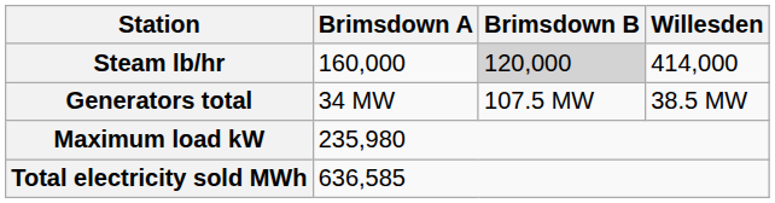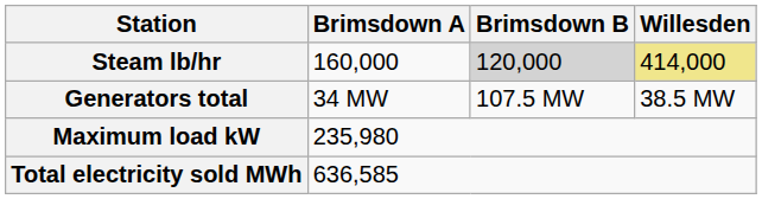 <table class="wikitable">
 <tr>
 <th>Station</th>
 <th>Brimsdown A</th>
 <th>Brimsdown B</th>
 <th>Willesden</th>
 </tr>
 <tr>
 <th>Steam lb/hr</th>
 <td>160,000</td>
 <td style="background: lightgrey;">120,000</td>
-<td>414,000</td>
+<td style="background: khaki;">414,000</td>
 </tr>
 <tr>
 <th>Generators total</th>
 <td>34 MW</td>
 <td>107.5 MW</td>
 <td>38.5 MW</td>
 </tr>
 <tr>
 <th>Maximum load kW</th>
 <td colspan="3">235,980</td>
 </tr>
 <tr>
 <th>Total electricity  sold MWh</th>
 <td colspan="3">636,585</td>
 </tr>
 </table>
